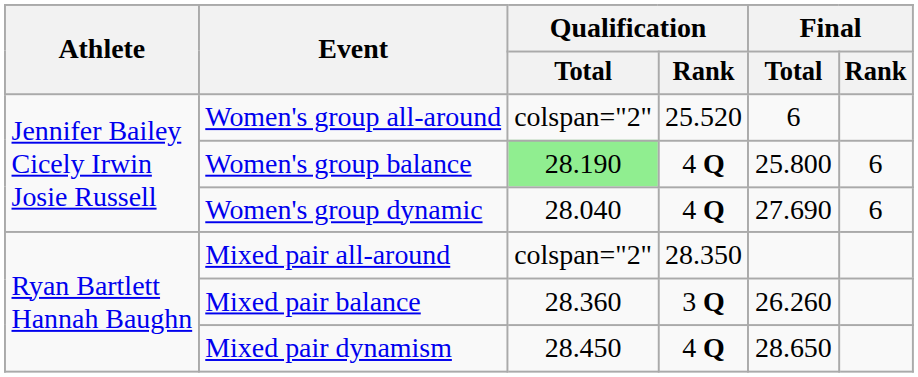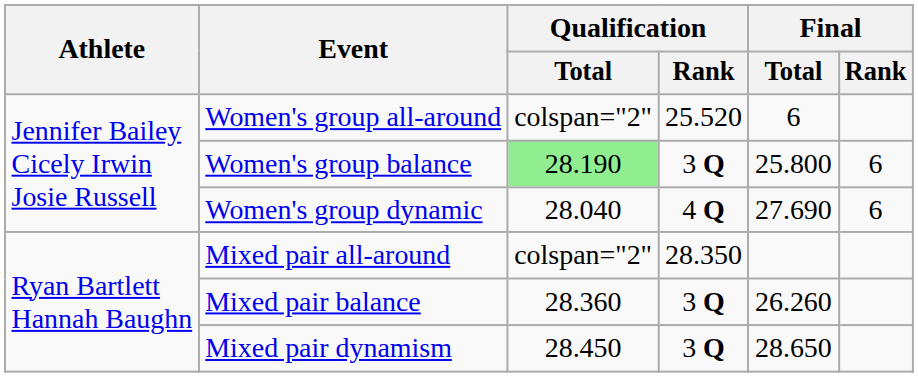 <table class="wikitable" style="font-size:90%">
 <tr>
 <th rowspan=2>Athlete</th>
 <th rowspan=2>Event</th>
 <th colspan =2>Qualification</th>
 <th colspan =2>Final</th>
 </tr>
 <tr style="font-size:95%">
 <th>Total</th>
 <th>Rank</th>
 <th>Total</th>
 <th>Rank</th>
 </tr>
 <tr align=center>
 <td rowspan="3" align=left><a href='#'>Jennifer Bailey</a><br><a href='#'>Cicely Irwin</a><br><a href='#'>Josie Russell</a></td>
 <td style="text-align:left;"><a href='#'>Women's group all-around</a></td>
 <td>colspan="2" </td>
 <td>25.520</td>
 <td>6</td>
 </tr>
 <tr align=center>
 <td style="text-align:left;"><a href='#'>Women's group balance</a></td>
 <td style="background: lightgreen;">28.190</td>
-<td>4 <strong>Q</strong></td>
+<td>3 <strong>Q</strong></td>
 <td>25.800</td>
 <td>6</td>
 </tr>
 <tr align=center>
 <td style="text-align:left;"><a href='#'>Women's group dynamic</a></td>
 <td>28.040</td>
 <td>4 <strong>Q</strong></td>
 <td>27.690</td>
 <td>6</td>
 </tr>
 <tr align=center>
 <td align=left rowspan="3"><a href='#'>Ryan Bartlett</a><br><a href='#'>Hannah Baughn</a></td>
 <td style="text-align:left;"><a href='#'>Mixed pair all-around</a></td>
 <td>colspan="2" </td>
 <td>28.350</td>
 <td></td>
 </tr>
 <tr align=center>
 <td style="text-align:left;"><a href='#'>Mixed pair balance</a></td>
 <td>28.360</td>
 <td>3 <strong>Q</strong></td>
 <td>26.260</td>
 <td></td>
 </tr>
 <tr align=center>
 <td style="text-align:left;"><a href='#'>Mixed pair dynamism</a></td>
 <td>28.450</td>
-<td>4 <strong>Q</strong></td>
+<td>3 <strong>Q</strong></td>
 <td>28.650</td>
 <td></td>
 </tr>
 </table>
